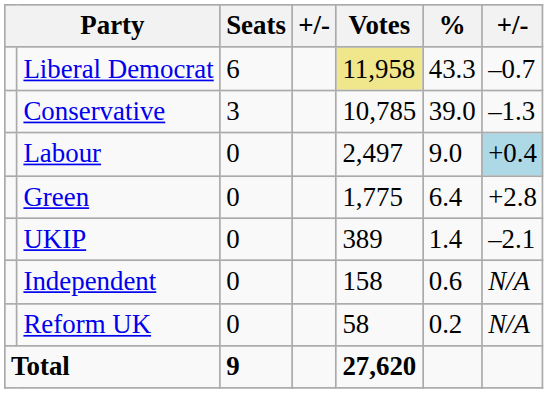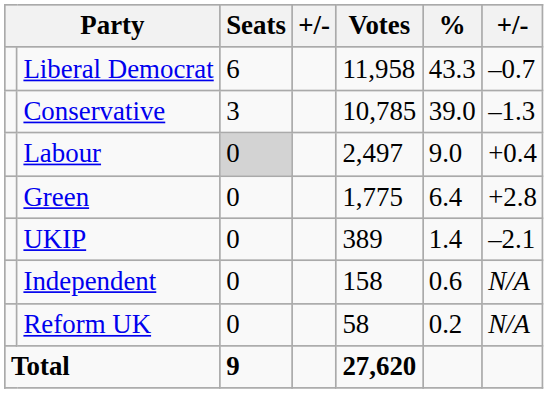 <table class="wikitable sortable">
 <tr>
 <th colspan="2">Party</th>
 <th>Seats</th>
 <th>+/-</th>
 <th>Votes</th>
 <th>%</th>
 <th>+/-</th>
 </tr>
 <tr>
 <td style="background-color: "></td>
 <td><a href='#'>Liberal Democrat</a></td>
 <td>6</td>
 <td></td>
-<td style="background: khaki;">11,958</td>
+<td>11,958</td>
 <td>43.3</td>
 <td>–0.7</td>
 </tr>
 <tr>
 <td style="background-color: "></td>
 <td><a href='#'>Conservative</a></td>
 <td>3</td>
 <td></td>
 <td>10,785</td>
 <td>39.0</td>
 <td>–1.3</td>
 </tr>
 <tr>
 <td style="background-color: "></td>
 <td><a href='#'>Labour</a></td>
-<td>0</td>
+<td style="background: lightgrey;">0</td>
 <td></td>
 <td>2,497</td>
 <td>9.0</td>
-<td style="background: lightblue;">+0.4</td>
+<td>+0.4</td>
 </tr>
 <tr>
 <td style="background-color: "></td>
 <td><a href='#'>Green</a></td>
 <td>0</td>
 <td></td>
 <td>1,775</td>
 <td>6.4</td>
 <td>+2.8</td>
 </tr>
 <tr>
 <td style="background-color: "></td>
 <td><a href='#'>UKIP</a></td>
 <td>0</td>
 <td></td>
 <td>389</td>
 <td>1.4</td>
 <td>–2.1</td>
 </tr>
 <tr>
 <td style="background-color: "></td>
 <td><a href='#'>Independent</a></td>
 <td>0</td>
 <td></td>
 <td>158</td>
 <td>0.6</td>
 <td><em>N/A</em></td>
 </tr>
 <tr>
 <td style="background-color: "></td>
 <td><a href='#'>Reform UK</a></td>
 <td>0</td>
 <td></td>
 <td>58</td>
 <td>0.2</td>
 <td><em>N/A</em></td>
 </tr>
 <tr>
 <td colspan="2"><strong>Total</strong></td>
 <td><strong>9</strong></td>
 <td></td>
 <td><strong>27,620</strong></td>
 <td></td>
 <td></td>
 </tr>
 </table>
